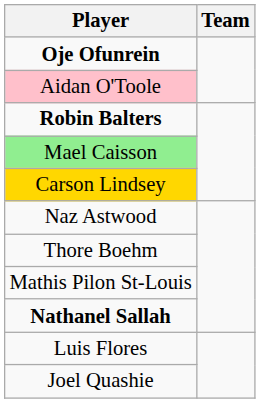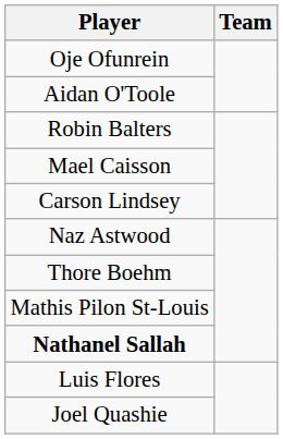 <table class="wikitable" style="text-align: center;">
 <tr>
 <th>Player</th>
 <th>Team</th>
 </tr>
 <tr>
-<td><strong>Oje Ofunrein</strong></td>
+<td>Oje Ofunrein</td>
 <td rowspan=2></td>
 </tr>
 <tr>
-<td style="background: pink;">Aidan O'Toole</td>
+<td>Aidan O'Toole</td>
 </tr>
 <tr>
-<td><strong>Robin Balters</strong></td>
+<td>Robin Balters</td>
 <td rowspan=3></td>
 </tr>
 <tr>
-<td style="background: lightgreen;">Mael Caisson</td>
+<td>Mael Caisson</td>
 </tr>
 <tr>
-<td style="background: gold;">Carson Lindsey</td>
+<td>Carson Lindsey</td>
 </tr>
 <tr>
 <td>Naz Astwood</td>
 <td rowspan=4></td>
 </tr>
 <tr>
 <td>Thore Boehm</td>
 </tr>
 <tr>
 <td>Mathis Pilon St-Louis</td>
 </tr>
 <tr>
 <td><strong>Nathanel Sallah</strong></td>
 </tr>
 <tr>
 <td>Luis Flores</td>
 <td rowspan=2></td>
 </tr>
 <tr>
 <td>Joel Quashie</td>
 </tr>
 </table>
